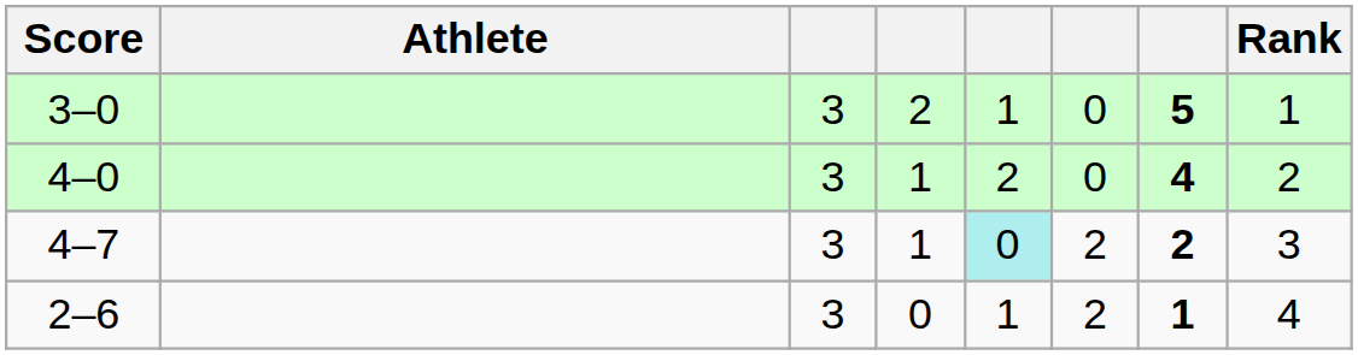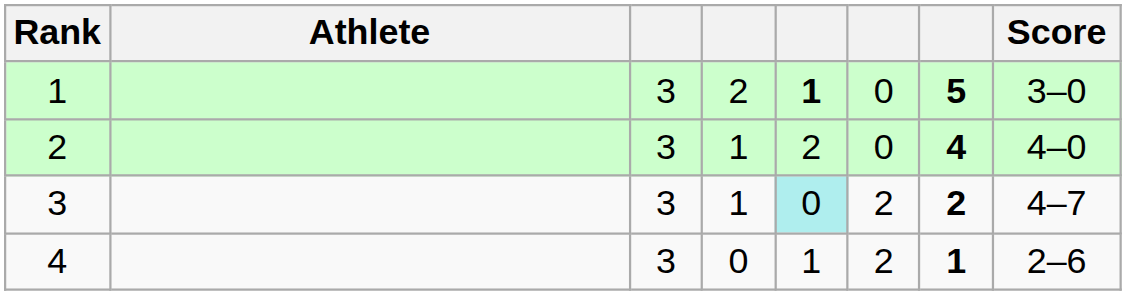 <table class="wikitable" style="text-align: center;">
 <tr>
-<th width=50>Score</th>
+<th width=25>Rank</th>
 <th width=225>Athlete</th>
 <th width=25></th>
 <th width=25></th>
 <th width=25></th>
 <th width=25></th>
 <th width=25></th>
-<th width=25>Rank</th>
+<th width=50>Score</th>
 </tr>
 <tr bgcolor=ccffcc>
-<td>3–0</td>
+<td>1</td>
 <td align=left></td>
 <td>3</td>
 <td>2</td>
-<td>1</td>
+<td><strong>1</strong></td>
 <td>0</td>
 <td><strong>5</strong></td>
-<td>1</td>
+<td>3–0</td>
 </tr>
 <tr bgcolor=ccffcc>
-<td>4–0</td>
+<td>2</td>
 <td align=left></td>
 <td>3</td>
 <td>1</td>
 <td>2</td>
 <td>0</td>
 <td><strong>4</strong></td>
-<td>2</td>
+<td>4–0</td>
 </tr>
 <tr>
-<td>4–7</td>
+<td>3</td>
 <td align=left></td>
 <td>3</td>
 <td>1</td>
 <td style="background: paleturquoise;">0</td>
 <td>2</td>
 <td><strong>2</strong></td>
-<td>3</td>
+<td>4–7</td>
 </tr>
 <tr>
-<td>2–6</td>
+<td>4</td>
 <td align=left></td>
 <td>3</td>
 <td>0</td>
 <td>1</td>
 <td>2</td>
 <td><strong>1</strong></td>
-<td>4</td>
+<td>2–6</td>
 </tr>
 </table>
